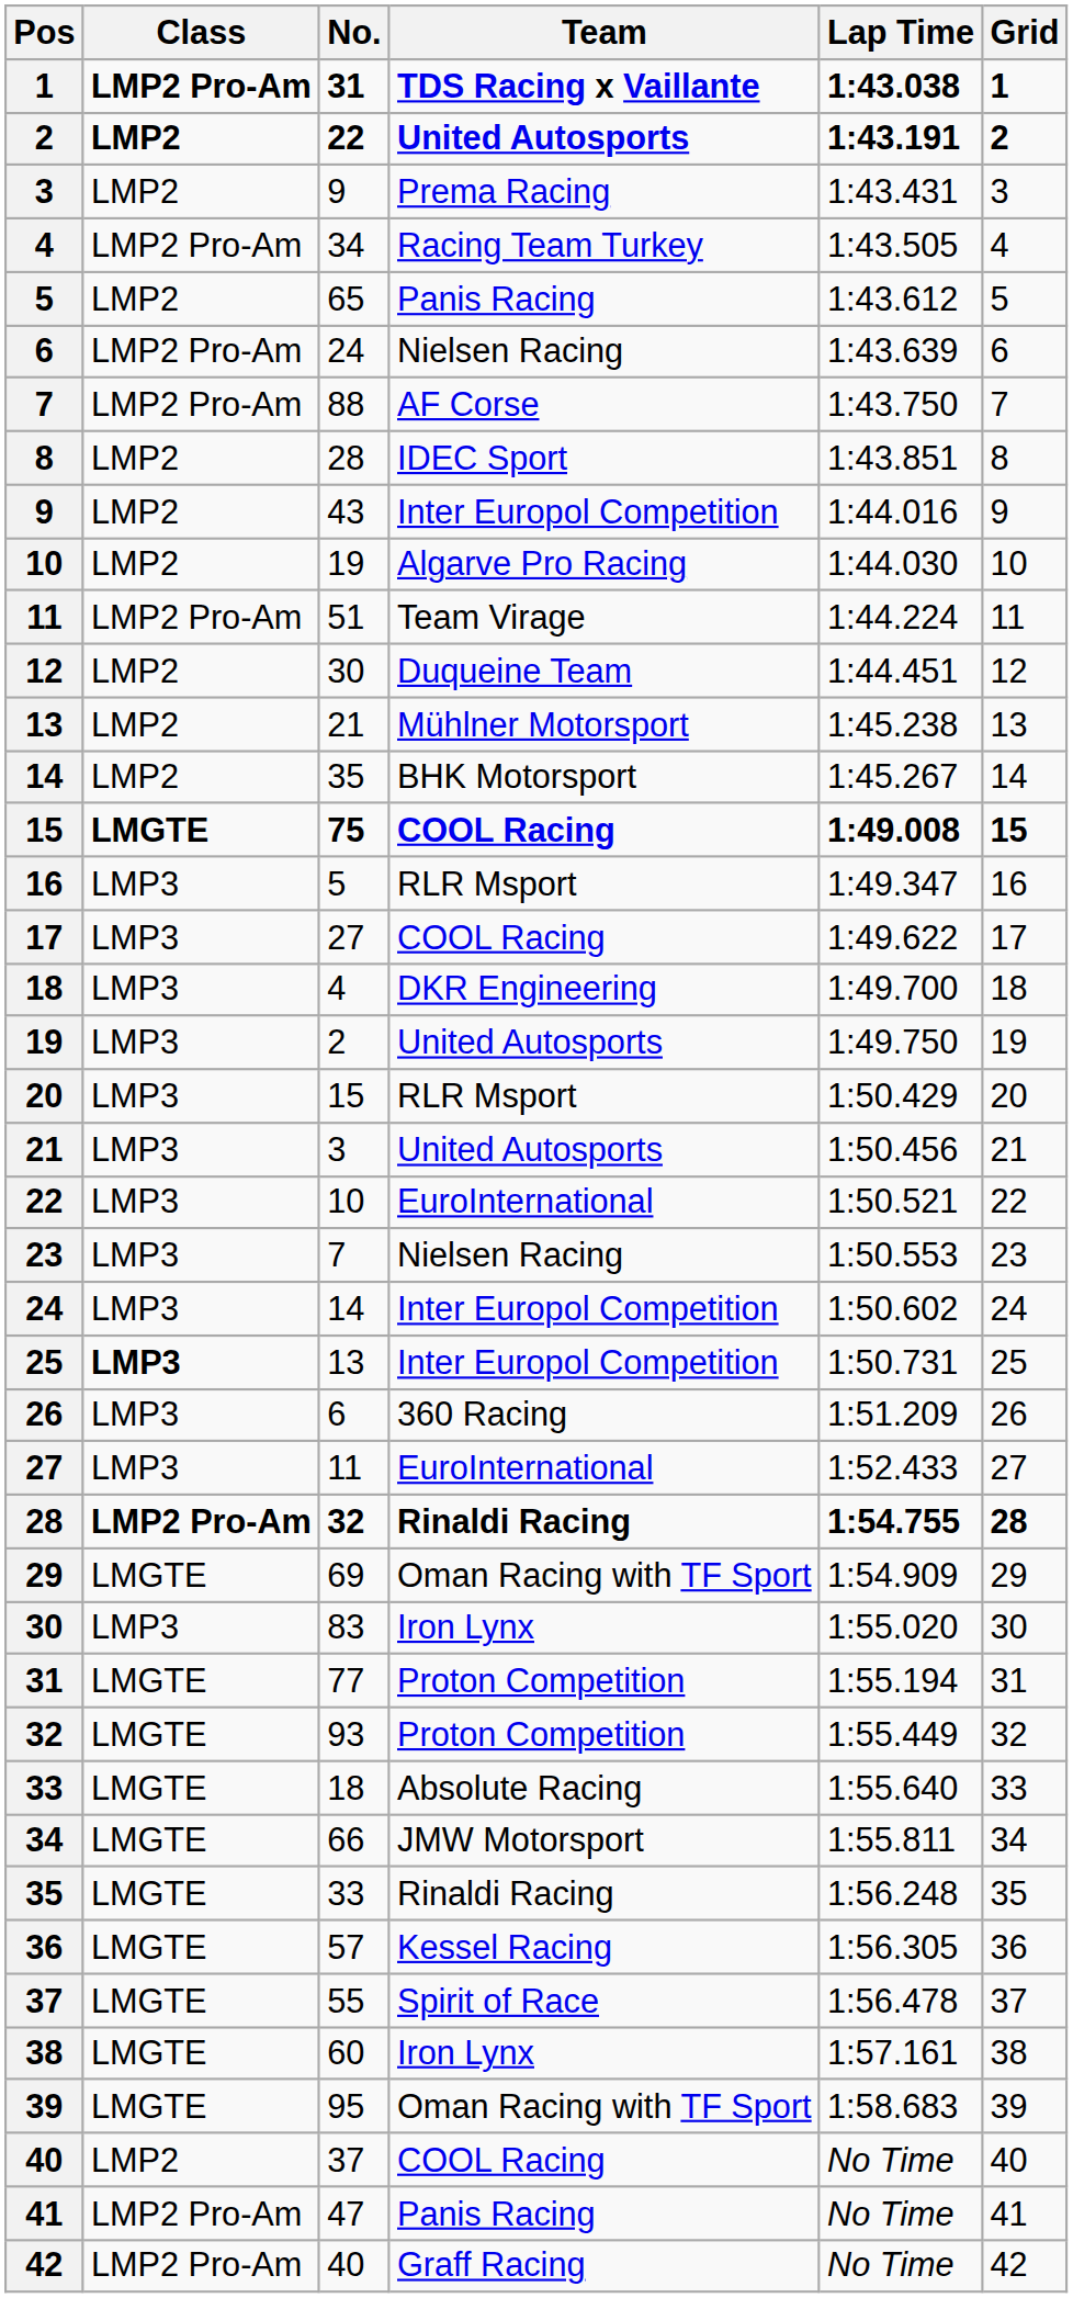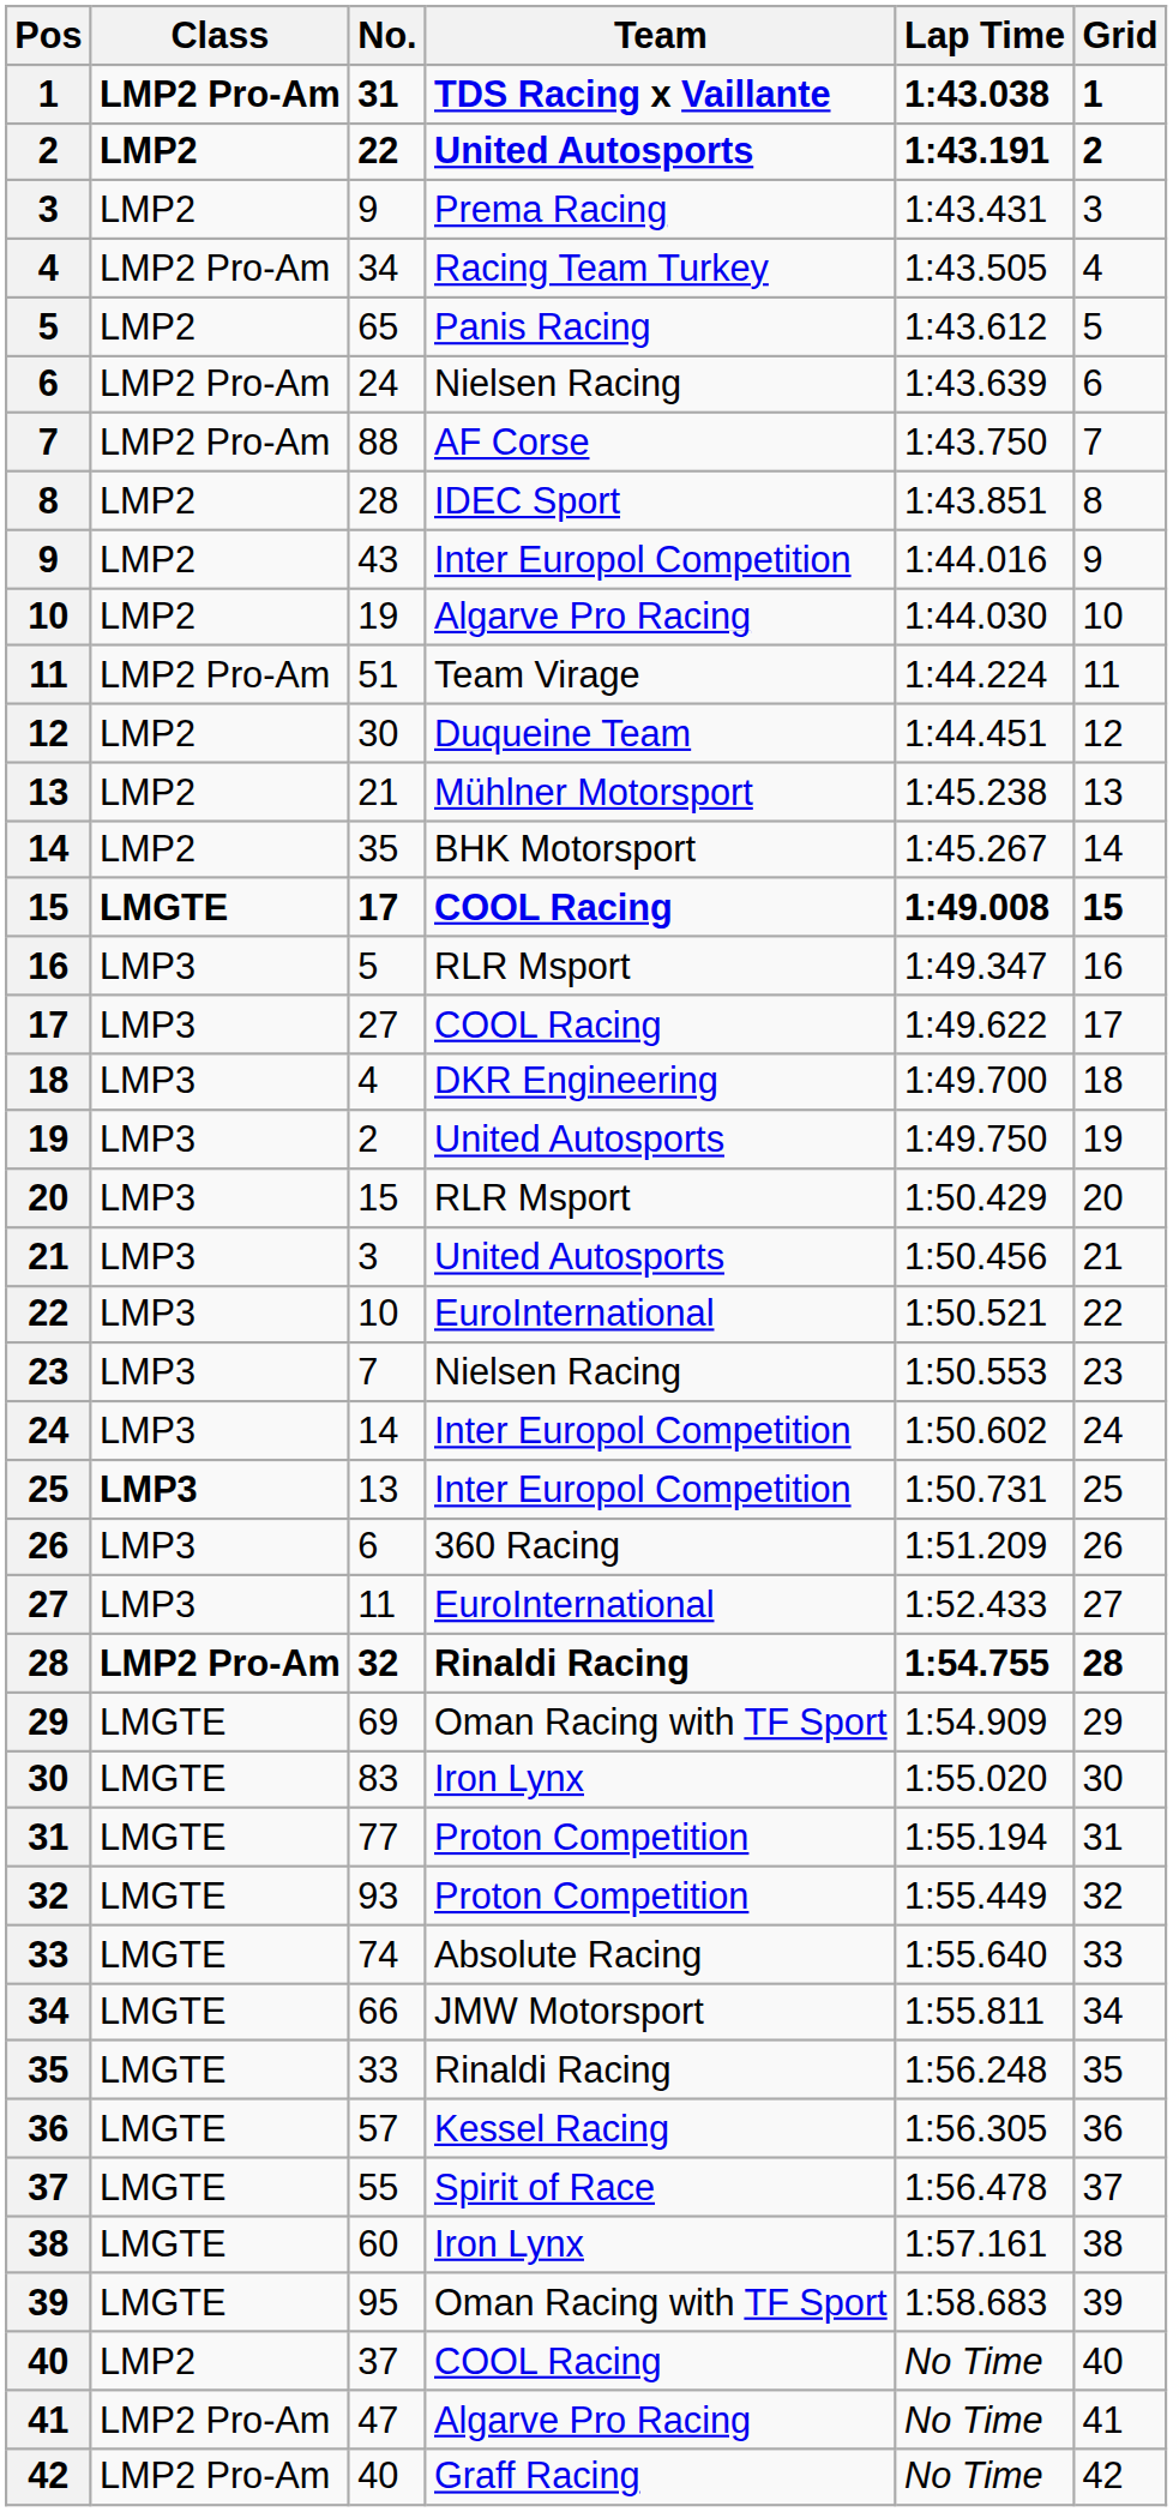 <table class="wikitable" style="font-size: 90%;">
 <tr>
 <th>Pos</th>
 <th>Class</th>
 <th>No.</th>
 <th>Team</th>
 <th>Lap Time</th>
 <th>Grid</th>
 </tr>
 <tr>
 <th>1</th>
 <td><strong>LMP2 Pro-Am</strong></td>
 <td><strong>31</strong></td>
 <td><strong> <a href='#'>TDS Racing</a> x <a href='#'>Vaillante</a></strong></td>
 <td><strong>1:43.038</strong></td>
 <td><strong>1</strong></td>
 </tr>
 <tr>
 <th>2</th>
 <td><strong>LMP2</strong></td>
 <td><strong>22</strong></td>
 <td><strong> <a href='#'>United Autosports</a></strong></td>
 <td><strong>1:43.191</strong></td>
 <td><strong>2</strong></td>
 </tr>
 <tr>
 <th>3</th>
 <td>LMP2</td>
 <td>9</td>
 <td> <a href='#'>Prema Racing</a></td>
 <td>1:43.431</td>
 <td>3</td>
 </tr>
 <tr>
 <th>4</th>
 <td>LMP2 Pro-Am</td>
 <td>34</td>
 <td> <a href='#'>Racing Team Turkey</a></td>
 <td>1:43.505</td>
 <td>4</td>
 </tr>
 <tr>
 <th>5</th>
 <td>LMP2</td>
 <td>65</td>
 <td> <a href='#'>Panis Racing</a></td>
 <td>1:43.612</td>
 <td>5</td>
 </tr>
 <tr>
 <th>6</th>
 <td>LMP2 Pro-Am</td>
 <td>24</td>
 <td> Nielsen Racing</td>
 <td>1:43.639</td>
 <td>6</td>
 </tr>
 <tr>
 <th>7</th>
 <td>LMP2 Pro-Am</td>
 <td>88</td>
 <td> <a href='#'>AF Corse</a></td>
 <td>1:43.750</td>
 <td>7</td>
 </tr>
 <tr>
 <th>8</th>
 <td>LMP2</td>
 <td>28</td>
 <td> <a href='#'>IDEC Sport</a></td>
 <td>1:43.851</td>
 <td>8</td>
 </tr>
 <tr>
 <th>9</th>
 <td>LMP2</td>
 <td>43</td>
 <td> <a href='#'>Inter Europol Competition</a></td>
 <td>1:44.016</td>
 <td>9</td>
 </tr>
 <tr>
 <th>10</th>
 <td>LMP2</td>
 <td>19</td>
 <td> <a href='#'>Algarve Pro Racing</a></td>
 <td>1:44.030</td>
 <td>10</td>
 </tr>
 <tr>
 <th>11</th>
 <td>LMP2 Pro-Am</td>
 <td>51</td>
 <td> Team Virage</td>
 <td>1:44.224</td>
 <td>11</td>
 </tr>
 <tr>
 <th>12</th>
 <td>LMP2</td>
 <td>30</td>
 <td> <a href='#'>Duqueine Team</a></td>
 <td>1:44.451</td>
 <td>12</td>
 </tr>
 <tr>
 <th>13</th>
 <td>LMP2</td>
 <td>21</td>
 <td> <a href='#'>Mühlner Motorsport</a></td>
 <td>1:45.238</td>
 <td>13</td>
 </tr>
 <tr>
 <th>14</th>
 <td>LMP2</td>
 <td>35</td>
 <td> BHK Motorsport</td>
 <td>1:45.267</td>
 <td>14</td>
 </tr>
 <tr>
 <th>15</th>
 <td><strong>LMGTE</strong></td>
-<td><strong>75</strong></td>
+<td><strong>17</strong></td>
 <td><strong> <a href='#'>COOL Racing</a></strong></td>
 <td><strong>1:49.008</strong></td>
 <td><strong>15</strong></td>
 </tr>
 <tr>
 <th>16</th>
 <td>LMP3</td>
 <td>5</td>
 <td> RLR Msport</td>
 <td>1:49.347</td>
 <td>16</td>
 </tr>
 <tr>
 <th>17</th>
 <td>LMP3</td>
 <td>27</td>
 <td> <a href='#'>COOL Racing</a></td>
 <td>1:49.622</td>
 <td>17</td>
 </tr>
 <tr>
 <th>18</th>
 <td>LMP3</td>
 <td>4</td>
 <td> <a href='#'>DKR Engineering</a></td>
 <td>1:49.700</td>
 <td>18</td>
 </tr>
 <tr>
 <th>19</th>
 <td>LMP3</td>
 <td>2</td>
 <td> <a href='#'>United Autosports</a></td>
 <td>1:49.750</td>
 <td>19</td>
 </tr>
 <tr>
 <th>20</th>
 <td>LMP3</td>
 <td>15</td>
 <td> RLR Msport</td>
 <td>1:50.429</td>
 <td>20</td>
 </tr>
 <tr>
 <th>21</th>
 <td>LMP3</td>
 <td>3</td>
 <td> <a href='#'>United Autosports</a></td>
 <td>1:50.456</td>
 <td>21</td>
 </tr>
 <tr>
 <th>22</th>
 <td>LMP3</td>
 <td>10</td>
 <td> <a href='#'>EuroInternational</a></td>
 <td>1:50.521</td>
 <td>22</td>
 </tr>
 <tr>
 <th>23</th>
 <td>LMP3</td>
 <td>7</td>
 <td> Nielsen Racing</td>
 <td>1:50.553</td>
 <td>23</td>
 </tr>
 <tr>
 <th>24</th>
 <td>LMP3</td>
 <td>14</td>
 <td> <a href='#'>Inter Europol Competition</a></td>
 <td>1:50.602</td>
 <td>24</td>
 </tr>
 <tr>
 <th>25</th>
 <td><strong>LMP3</strong></td>
 <td>13</td>
 <td> <a href='#'>Inter Europol Competition</a></td>
 <td>1:50.731</td>
 <td>25</td>
 </tr>
 <tr>
 <th>26</th>
 <td>LMP3</td>
 <td>6</td>
 <td> 360 Racing</td>
 <td>1:51.209</td>
 <td>26</td>
 </tr>
 <tr>
 <th>27</th>
 <td>LMP3</td>
 <td>11</td>
 <td> <a href='#'>EuroInternational</a></td>
 <td>1:52.433</td>
 <td>27</td>
 </tr>
 <tr>
 <th>28</th>
 <td><strong>LMP2 Pro-Am</strong></td>
 <td><strong>32</strong></td>
 <td><strong> Rinaldi Racing</strong></td>
 <td><strong>1:54.755</strong></td>
 <td><strong>28</strong></td>
 </tr>
 <tr>
 <th>29</th>
 <td>LMGTE</td>
 <td>69</td>
 <td> Oman Racing with <a href='#'>TF Sport</a></td>
 <td>1:54.909</td>
 <td>29</td>
 </tr>
 <tr>
 <th>30</th>
-<td>LMP3</td>
+<td>LMGTE</td>
 <td>83</td>
 <td><a href='#'>Iron Lynx</a></td>
 <td>1:55.020</td>
 <td>30</td>
 </tr>
 <tr>
 <th>31</th>
 <td>LMGTE</td>
 <td>77</td>
 <td> <a href='#'>Proton Competition</a></td>
 <td>1:55.194</td>
 <td>31</td>
 </tr>
 <tr>
 <th>32</th>
 <td>LMGTE</td>
 <td>93</td>
 <td> <a href='#'>Proton Competition</a></td>
 <td>1:55.449</td>
 <td>32</td>
 </tr>
 <tr>
 <th>33</th>
 <td>LMGTE</td>
-<td>18</td>
+<td>74</td>
 <td> Absolute Racing</td>
 <td>1:55.640</td>
 <td>33</td>
 </tr>
 <tr>
 <th>34</th>
 <td>LMGTE</td>
 <td>66</td>
 <td> JMW Motorsport</td>
 <td>1:55.811</td>
 <td>34</td>
 </tr>
 <tr>
 <th>35</th>
 <td>LMGTE</td>
 <td>33</td>
 <td> Rinaldi Racing</td>
 <td>1:56.248</td>
 <td>35</td>
 </tr>
 <tr>
 <th>36</th>
 <td>LMGTE</td>
 <td>57</td>
 <td> <a href='#'>Kessel Racing</a></td>
 <td>1:56.305</td>
 <td>36</td>
 </tr>
 <tr>
 <th>37</th>
 <td>LMGTE</td>
 <td>55</td>
 <td> <a href='#'>Spirit of Race</a></td>
 <td>1:56.478</td>
 <td>37</td>
 </tr>
 <tr>
 <th>38</th>
 <td>LMGTE</td>
 <td>60</td>
 <td><a href='#'>Iron Lynx</a></td>
 <td>1:57.161</td>
 <td>38</td>
 </tr>
 <tr>
 <th>39</th>
 <td>LMGTE</td>
 <td>95</td>
 <td> Oman Racing with <a href='#'>TF Sport</a></td>
 <td>1:58.683</td>
 <td>39</td>
 </tr>
 <tr>
 <th>40</th>
 <td>LMP2</td>
 <td>37</td>
 <td> <a href='#'>COOL Racing</a></td>
 <td><em>No Time</em></td>
 <td>40</td>
 </tr>
 <tr>
 <th>41</th>
 <td>LMP2 Pro-Am</td>
 <td>47</td>
-<td> <a href='#'>Panis Racing</a></td>
+<td> <a href='#'>Algarve Pro Racing</a></td>
 <td><em>No Time</em></td>
 <td>41</td>
 </tr>
 <tr>
 <th>42</th>
 <td>LMP2 Pro-Am</td>
 <td>40</td>
 <td> <a href='#'>Graff Racing</a></td>
 <td><em>No Time</em></td>
 <td>42</td>
 </tr>
 </table>
